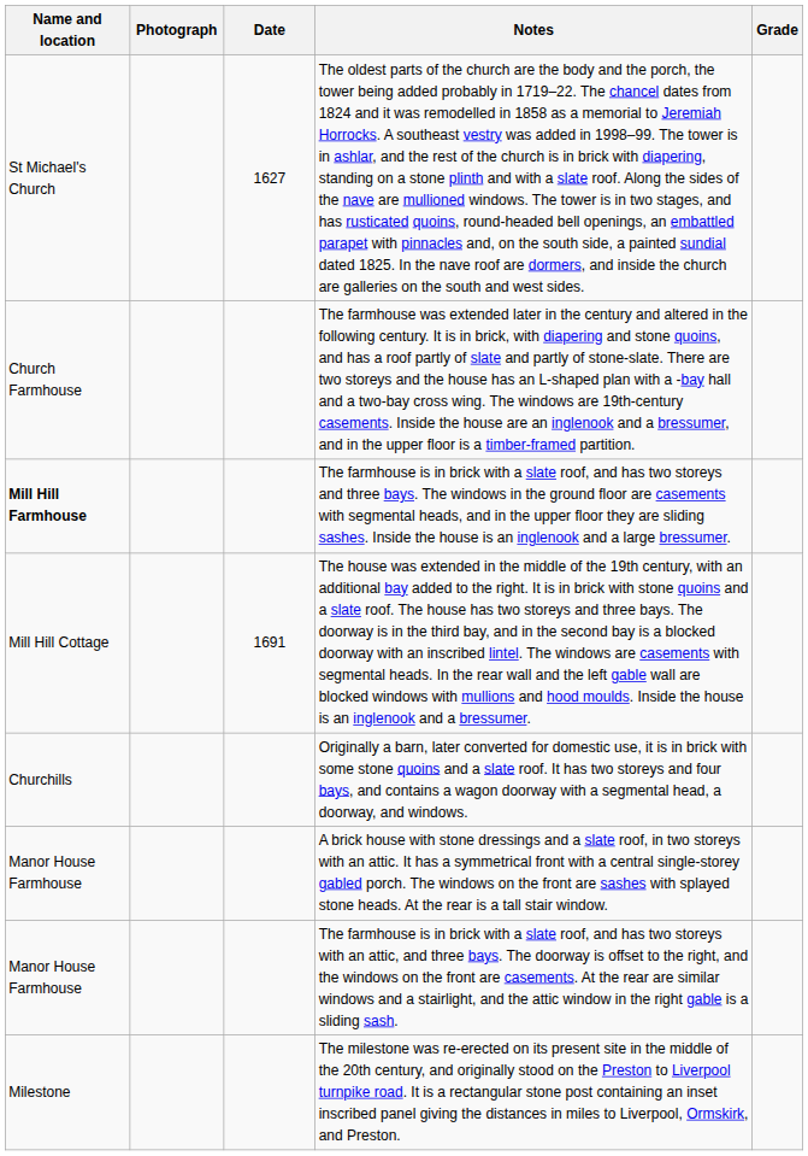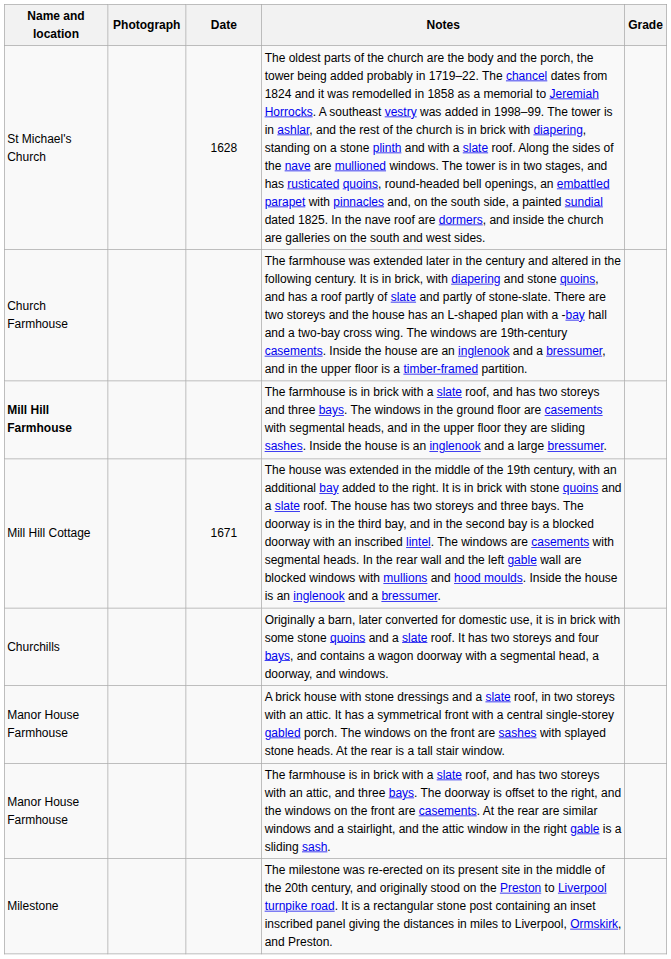 <table class="wikitable sortable plainrowheaders" style="width:100%;border:0px;text-align:left;line-height:150%;">
 <tr>
 <th scope="col"  style="width:150px">Name and location</th>
 <th scope="col"  style="width:100px" class="unsortable">Photograph</th>
 <th scope="col"  style="width:120px">Date</th>
 <th scope="col"  style="width:650px" class="unsortable">Notes</th>
 <th scope="col"  style="width:50px">Grade</th>
 </tr>
 <tr>
 <td>St Michael's Church<br><small></small></td>
 <td></td>
-<td align="center">1627</td>
+<td align="center">1628</td>
 <td>The oldest parts of the church are the body and the porch, the tower being added probably in 1719–22. The <a href='#'>chancel</a> dates from 1824 and it was remodelled in 1858 as a memorial to <a href='#'>Jeremiah Horrocks</a>.  A southeast <a href='#'>vestry</a> was added in 1998–99.  The tower is in <a href='#'>ashlar</a>, and the rest of the church is in brick with <a href='#'>diapering</a>, standing on a stone <a href='#'>plinth</a> and with a <a href='#'>slate</a> roof.  Along the sides of the <a href='#'>nave</a> are <a href='#'>mullioned</a> windows.  The tower is in two stages, and has <a href='#'>rusticated</a> <a href='#'>quoins</a>, round-headed bell openings, an <a href='#'>embattled</a> <a href='#'>parapet</a> with <a href='#'>pinnacles</a> and, on the south side, a painted <a href='#'>sundial</a> dated 1825.  In the nave roof are <a href='#'>dormers</a>, and inside the church are galleries on the south and west sides.</td>
 <td align="center" ></td>
 </tr>
 <tr>
 <td>Church Farmhouse<br><small></small></td>
 <td></td>
 <td align="center"></td>
 <td>The farmhouse was extended later in the century and altered in the following century.  It is in brick, with <a href='#'>diapering</a> and stone <a href='#'>quoins</a>, and has a roof partly of <a href='#'>slate</a> and partly of stone-slate.  There are two storeys and the house has an L-shaped plan with a -<a href='#'>bay</a> hall and a two-bay cross wing.  The windows are 19th-century <a href='#'>casements</a>.  Inside the house are an <a href='#'>inglenook</a> and a <a href='#'>bressumer</a>, and in the upper floor is a <a href='#'>timber-framed</a> partition.</td>
 <td align="center" ></td>
 </tr>
 <tr>
 <td><strong>Mill Hill Farmhouse<br><small></small></strong></td>
 <td></td>
 <td align="center"></td>
 <td>The farmhouse is in brick with a <a href='#'>slate</a> roof, and has two storeys and three <a href='#'>bays</a>.  The windows in the ground floor are <a href='#'>casements</a> with segmental heads, and in the upper floor they are sliding <a href='#'>sashes</a>.  Inside the house is an <a href='#'>inglenook</a> and a large <a href='#'>bressumer</a>.</td>
 <td align="center" ></td>
 </tr>
 <tr>
 <td>Mill Hill Cottage<br><small></small></td>
 <td></td>
-<td align="center">1691</td>
+<td align="center">1671</td>
 <td>The house was extended in the middle of the 19th century, with an additional <a href='#'>bay</a> added to the right.  It is in brick with stone <a href='#'>quoins</a> and a <a href='#'>slate</a> roof.  The house has two storeys and three bays.  The doorway is in the third bay, and in the second bay is a blocked doorway with an inscribed <a href='#'>lintel</a>.  The windows are <a href='#'>casements</a> with segmental heads.  In the rear wall and the left <a href='#'>gable</a> wall are blocked windows with <a href='#'>mullions</a> and <a href='#'>hood moulds</a>.  Inside the house is an <a href='#'>inglenook</a> and a <a href='#'>bressumer</a>.</td>
 <td align="center" ></td>
 </tr>
 <tr>
 <td>Churchills<br><small></small></td>
 <td></td>
 <td align="center"></td>
 <td>Originally a barn, later converted for domestic use, it is in brick with some stone <a href='#'>quoins</a> and a <a href='#'>slate</a> roof.  It has two storeys and four <a href='#'>bays</a>, and contains a wagon doorway with a segmental head, a doorway, and windows.</td>
 <td align="center" ></td>
 </tr>
 <tr>
 <td>Manor House Farmhouse<br><small></small></td>
 <td></td>
 <td align="center"></td>
 <td>A brick house with stone dressings and a <a href='#'>slate</a> roof, in two storeys with an attic.  It has a symmetrical front with a central single-storey <a href='#'>gabled</a> porch.  The windows on the front are <a href='#'>sashes</a> with splayed stone heads.  At the rear is a tall stair window.</td>
 <td align="center" ></td>
 </tr>
 <tr>
 <td>Manor House Farmhouse<br><small></small></td>
 <td></td>
 <td align="center"></td>
 <td>The farmhouse is in brick with a <a href='#'>slate</a> roof, and has two storeys with an attic, and three <a href='#'>bays</a>.  The doorway is offset to the right, and the windows on the front are <a href='#'>casements</a>.  At the rear are similar windows and a stairlight, and the attic window in the right <a href='#'>gable</a> is a sliding <a href='#'>sash</a>.</td>
 <td align="center" ></td>
 </tr>
 <tr>
 <td>Milestone<br><small></small></td>
 <td></td>
 <td align="center"></td>
 <td>The milestone was re-erected on its present site in the middle of the 20th century, and originally stood on the <a href='#'>Preston</a> to <a href='#'>Liverpool</a> <a href='#'>turnpike road</a>.  It is a rectangular stone post containing an inset inscribed panel giving the distances in miles to Liverpool, <a href='#'>Ormskirk</a>, and Preston.</td>
 <td align="center" ></td>
 </tr>
 <tr>
 </tr>
 </table>
